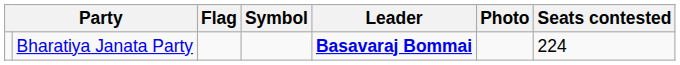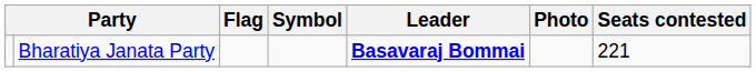 <table class="wikitable">
 <tr>
 <th colspan="2">Party</th>
 <th>Flag</th>
 <th>Symbol</th>
 <th>Leader</th>
 <th>Photo</th>
 <th>Seats contested</th>
 </tr>
 <tr>
 <td style="text-align:center; background:"></td>
 <td><a href='#'>Bharatiya Janata Party</a></td>
 <td></td>
 <td></td>
 <td><strong><a href='#'>Basavaraj Bommai</a></strong></td>
 <td></td>
-<td>224</td>
+<td>221</td>
 </tr>
 </table>
